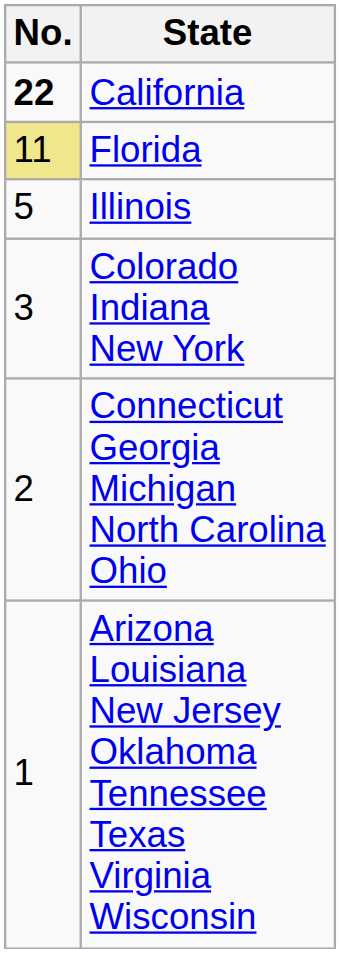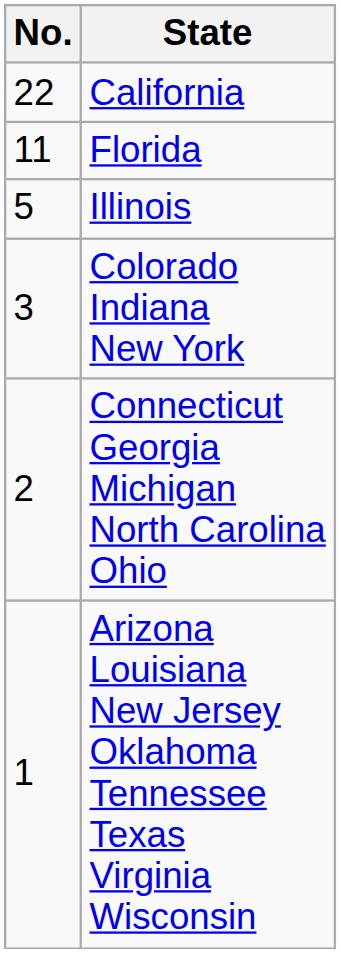 <table class="wikitable">
 <tr>
 <th>No.</th>
 <th>State</th>
 </tr>
 <tr>
-<td><strong>22</strong></td>
+<td>22</td>
 <td> <a href='#'>California</a></td>
 </tr>
 <tr>
-<td style="background: khaki;">11</td>
+<td>11</td>
 <td> <a href='#'>Florida</a></td>
 </tr>
 <tr>
 <td>5</td>
 <td> <a href='#'>Illinois</a></td>
 </tr>
 <tr>
 <td>3</td>
 <td> <a href='#'>Colorado</a> <br>  <a href='#'>Indiana</a> <br>   <a href='#'>New York</a></td>
 </tr>
 <tr>
 <td>2</td>
 <td> <a href='#'>Connecticut</a> <br>  <a href='#'>Georgia</a> <br>  <a href='#'>Michigan</a> <br>  <a href='#'>North Carolina</a> <br>   <a href='#'>Ohio</a></td>
 </tr>
 <tr>
 <td>1</td>
 <td> <a href='#'>Arizona</a> <br>  <a href='#'>Louisiana</a> <br>  <a href='#'>New Jersey</a>  <br>   <a href='#'>Oklahoma</a> <br>   <a href='#'>Tennessee</a>   <br>  <a href='#'>Texas</a> <br>  <a href='#'>Virginia</a> <br>   <a href='#'>Wisconsin</a></td>
 </tr>
 </table>
